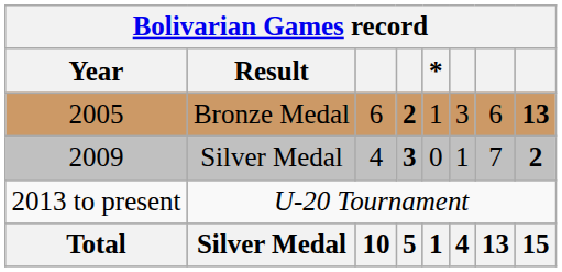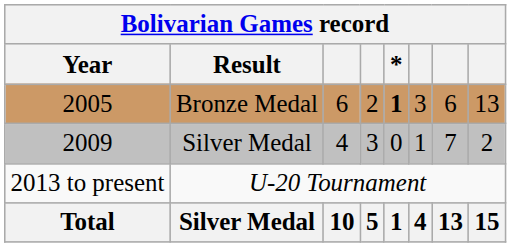 <table class="wikitable" style="text-align: center;">
 <tr>
 <th colspan=8><a href='#'>Bolivarian Games</a> record</th>
 </tr>
 <tr>
 <th>Year</th>
 <th>Result</th>
 <th></th>
 <th></th>
 <th>*</th>
 <th></th>
 <th></th>
 <th></th>
 </tr>
 <tr style="background:#c96;">
 <td> 2005</td>
 <td>Bronze Medal</td>
 <td>6</td>
-<td><strong>2</strong></td>
-<td>1</td>
+<td>2</td>
+<td><strong>1</strong></td>
 <td>3</td>
 <td>6</td>
-<td><strong>13</strong></td>
+<td>13</td>
 </tr>
 <tr style="background:silver;">
 <td> 2009</td>
 <td>Silver Medal</td>
 <td>4</td>
-<td><strong>3</strong></td>
+<td>3</td>
 <td>0</td>
 <td>1</td>
 <td>7</td>
-<td><strong>2</strong></td>
+<td>2</td>
 </tr>
 <tr>
 <td> 2013 to present</td>
 <td colspan=7><em>U-20 Tournament</em></td>
 </tr>
 <tr>
 <th>Total</th>
 <th>Silver Medal</th>
 <th>10</th>
 <th>5</th>
 <th>1</th>
 <th>4</th>
 <th>13</th>
 <th>15</th>
 </tr>
 </table>
